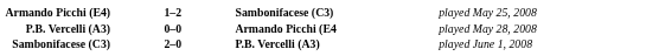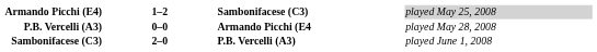 <table style="width:100%;" cellspacing="1">
 <tr>
 <th style="width:20%;"></th>
 <th style="width:12%;"></th>
 <th style="width:20%;"></th>
 <th width="20%'"></th>
 <th></th>
 </tr>
 <tr style="font-size:90%;">
 <td align="right"><strong>Armando Picchi (E4)</strong></td>
 <td style="text-align:center;"><strong>1–2</strong></td>
 <td align="left"><strong>Sambonifacese (C3)</strong></td>
-<td align="left"><em>played May 25, 2008</em></td>
+<td align="left" style="background: lightgrey;"><em>played May 25, 2008</em></td>
 </tr>
 <tr style="font-size:90%;">
 <td align="right"><strong>P.B. Vercelli (A3)</strong></td>
 <td style="text-align:center;"><strong>0–0</strong></td>
 <td align="left"><strong>Armando Picchi (E4</strong></td>
 <td align="left"><em>played May 28, 2008</em></td>
 </tr>
 <tr style="font-size:90%;">
 <td align="right"><strong>Sambonifacese (C3)</strong></td>
 <td style="text-align:center;"><strong>2–0</strong></td>
 <td align="left"><strong>P.B. Vercelli (A3)</strong></td>
 <td align="left"><em>played June 1, 2008</em></td>
 </tr>
 </table>
